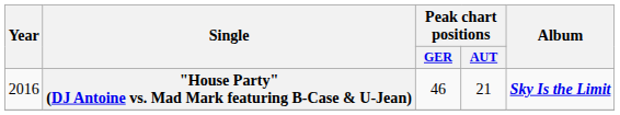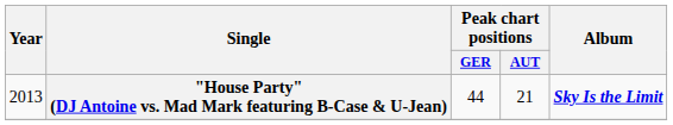 <table class="wikitable plainrowheaders" style="text-align:center;">
 <tr>
 <th scope="col" rowspan="2">Year</th>
 <th scope="col" rowspan="2">Single</th>
 <th scope="col" colspan="2">Peak chart positions</th>
 <th scope="col" rowspan="2">Album</th>
 </tr>
 <tr>
 <th scope="col" style="width:3em;font-size:85%;"><a href='#'>GER</a><br></th>
 <th scope="col" style="width:3em;font-size:85%;"><a href='#'>AUT</a><br></th>
 </tr>
 <tr>
-<td>2016</td>
+<td>2013</td>
 <th scope="row">"House Party"<br><span>(<a href='#'>DJ Antoine</a> vs. Mad Mark featuring B-Case & U-Jean)</span></th>
-<td>46</td>
+<td>44</td>
 <td>21</td>
 <td><strong><em><a href='#'>Sky Is the Limit</a></em></strong></td>
 </tr>
 <tr>
 </tr>
 </table>
